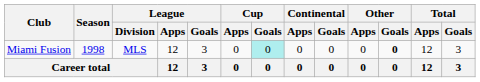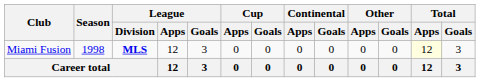 <table class="wikitable" style="text-align: center">
 <tr>
 <th rowspan="2">Club</th>
 <th rowspan="2">Season</th>
 <th colspan="3">League</th>
 <th colspan="2">Cup</th>
 <th colspan="2">Continental</th>
 <th colspan="2">Other</th>
 <th colspan="2">Total</th>
 </tr>
 <tr>
 <th>Division</th>
 <th>Apps</th>
 <th>Goals</th>
 <th>Apps</th>
 <th>Goals</th>
 <th>Apps</th>
 <th>Goals</th>
 <th>Apps</th>
 <th>Goals</th>
 <th>Apps</th>
 <th>Goals</th>
 </tr>
 <tr>
 <td><a href='#'>Miami Fusion</a></td>
 <td><a href='#'>1998</a></td>
-<td><a href='#'>MLS</a></td>
+<td><strong><a href='#'>MLS</a></strong></td>
 <td>12</td>
 <td>3</td>
 <td>0</td>
-<td style="background: paleturquoise;">0</td>
 <td>0</td>
 <td>0</td>
 <td>0</td>
-<td><strong>0</strong></td>
-<td>12</td>
+<td>0</td>
+<td>0</td>
+<td style="background: lightyellow;">12</td>
 <td>3</td>
 </tr>
 <tr>
 <th colspan="3"><strong>Career total</strong></th>
 <th>12</th>
 <th>3</th>
 <th>0</th>
 <th>0</th>
 <th>0</th>
 <th>0</th>
 <th>0</th>
 <th>0</th>
 <th>12</th>
 <th>3</th>
 </tr>
 </table>
